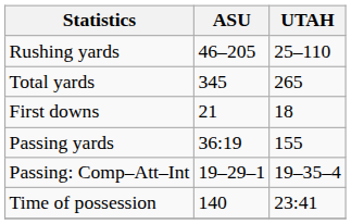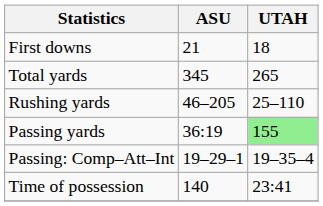 <table class="wikitable" style="float: left;">
 <tr>
 <th>Statistics</th>
 <th>ASU</th>
 <th>UTAH</th>
 </tr>
 <tr>
-<td>Rushing yards</td>
-<td>46–205</td>
-<td>25–110</td>
+<td>First downs</td>
+<td>21</td>
+<td>18</td>
 </tr>
 <tr>
 <td>Total yards</td>
 <td>345</td>
 <td>265</td>
 </tr>
 <tr>
-<td>First downs</td>
-<td>21</td>
-<td>18</td>
+<td>Rushing yards</td>
+<td>46–205</td>
+<td>25–110</td>
 </tr>
 <tr>
 <td>Passing yards</td>
 <td>36:19</td>
-<td>155</td>
+<td style="background: lightgreen;">155</td>
 </tr>
 <tr>
 <td>Passing: Comp–Att–Int</td>
 <td>19–29–1</td>
 <td>19–35–4</td>
 </tr>
 <tr>
 <td>Time of possession</td>
 <td>140</td>
 <td>23:41</td>
 </tr>
 <tr>
 </tr>
 </table>
